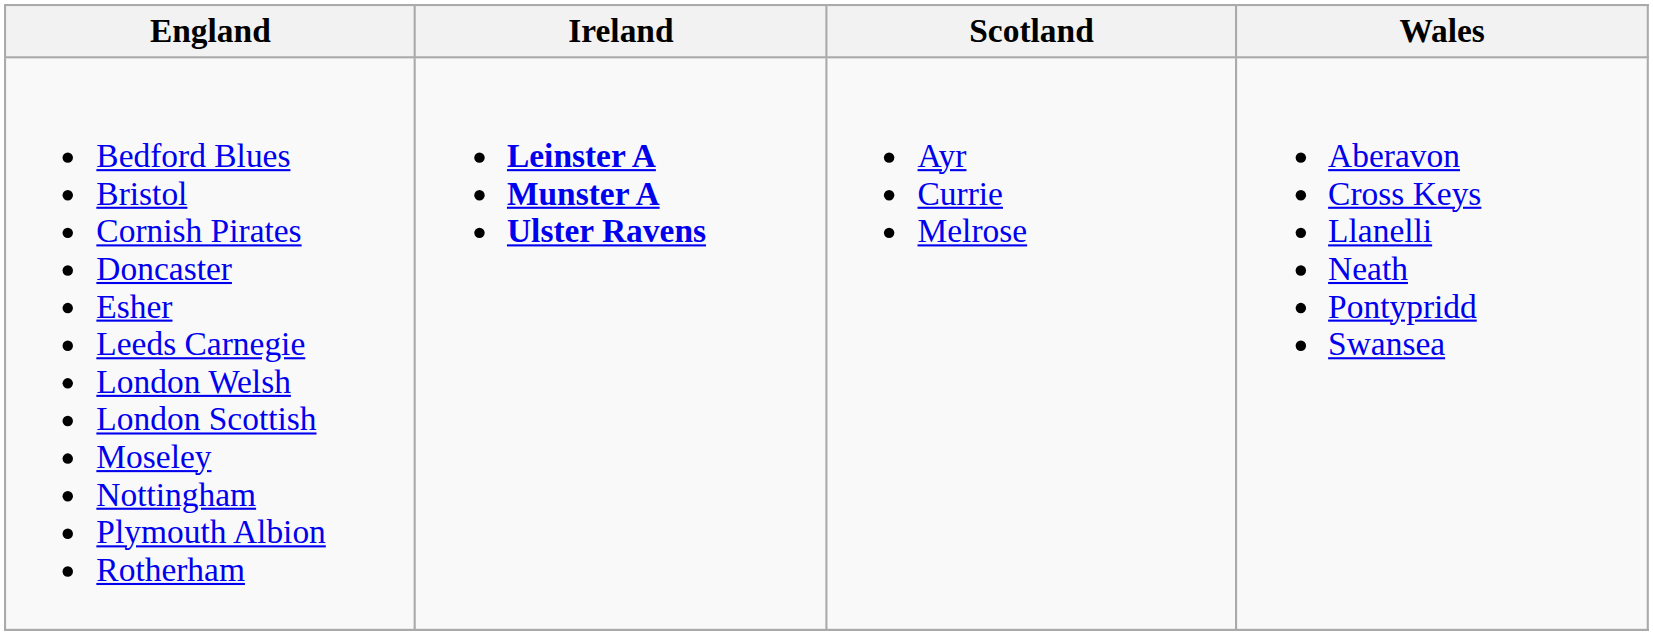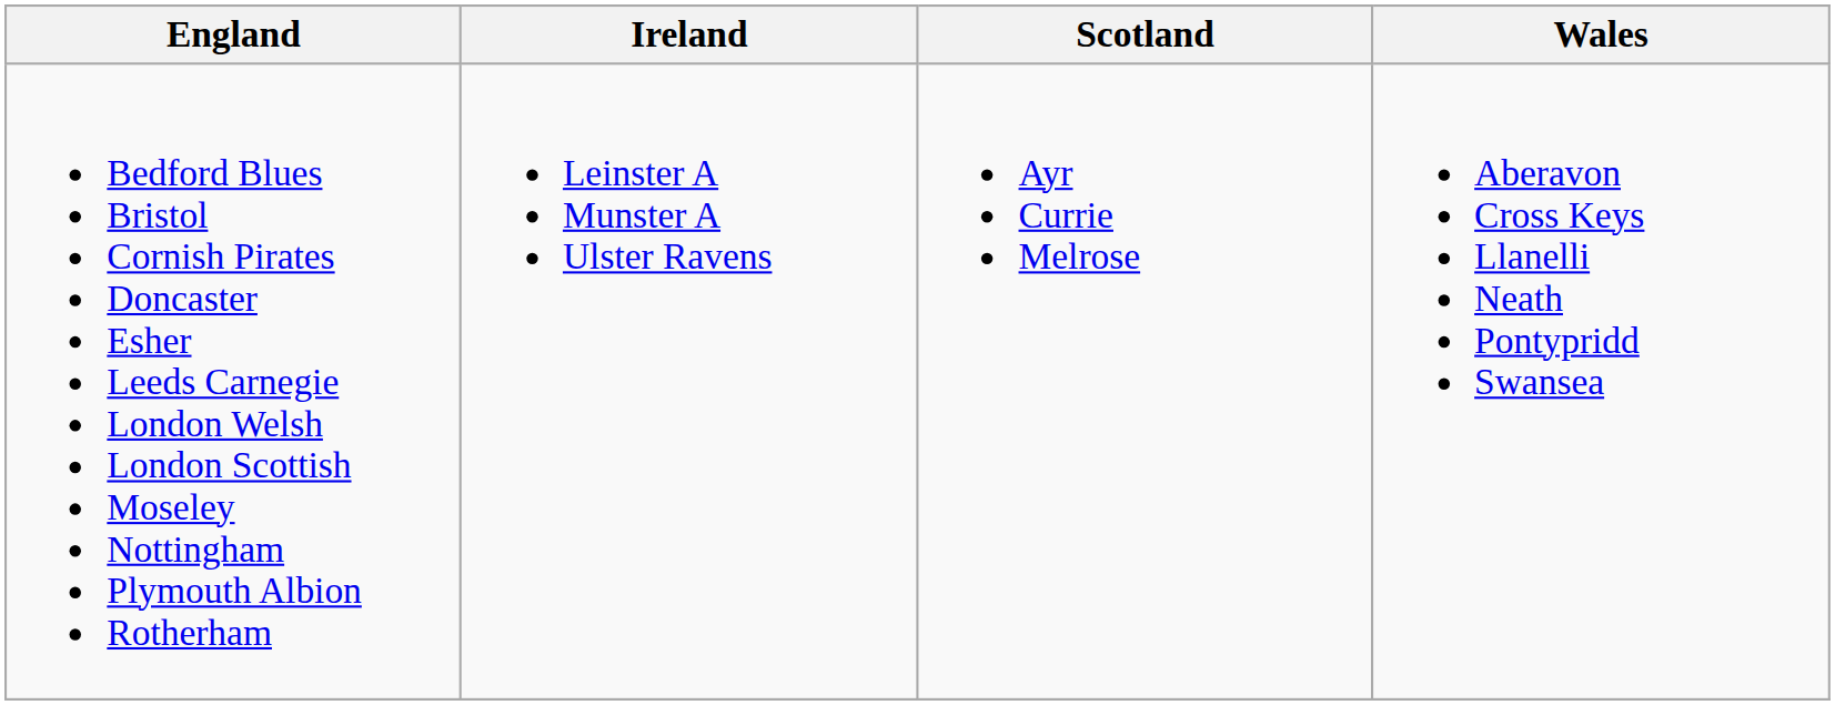 <table class="wikitable">
 <tr>
 <th width=20%> England</th>
 <th width=20%> Ireland</th>
 <th width=20%> Scotland</th>
 <th width=20%> Wales</th>
 </tr>
 <tr valign=top>
 <td><br><ul><li><a href='#'>Bedford Blues</a></li><li><a href='#'>Bristol</a></li><li><a href='#'>Cornish Pirates</a></li><li><a href='#'>Doncaster</a></li><li><a href='#'>Esher</a></li><li><a href='#'>Leeds Carnegie</a></li><li><a href='#'>London Welsh</a></li><li><a href='#'>London Scottish</a></li><li><a href='#'>Moseley</a></li><li><a href='#'>Nottingham</a></li><li><a href='#'>Plymouth Albion</a></li><li><a href='#'>Rotherham</a></li></ul></td>
-<td><strong><br><ul><li><a href='#'>Leinster A</a></li><li><a href='#'>Munster A</a></li><li><a href='#'>Ulster Ravens</a></li></ul></strong></td>
+<td><br><ul><li><a href='#'>Leinster A</a></li><li><a href='#'>Munster A</a></li><li><a href='#'>Ulster Ravens</a></li></ul></td>
 <td><br><ul><li><a href='#'>Ayr</a></li><li><a href='#'>Currie</a></li><li><a href='#'>Melrose</a></li></ul></td>
 <td><br><ul><li><a href='#'>Aberavon</a></li><li><a href='#'>Cross Keys</a></li><li><a href='#'>Llanelli</a></li><li><a href='#'>Neath</a></li><li><a href='#'>Pontypridd</a></li><li><a href='#'>Swansea</a></li></ul></td>
 </tr>
 <tr>
 </tr>
 </table>
